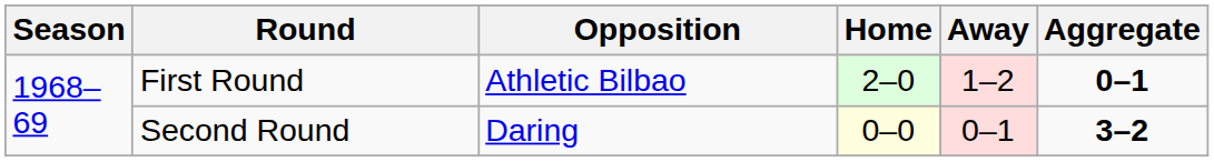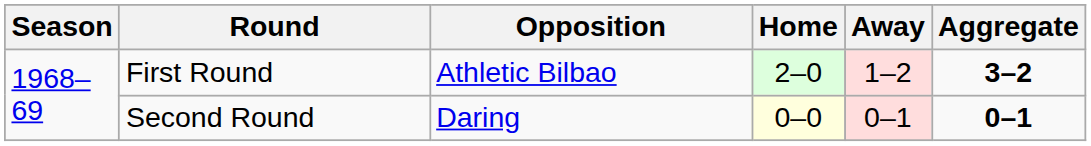 <table class="wikitable">
 <tr>
 <th>Season</th>
 <th width=200>Round</th>
 <th width=200>Opposition</th>
 <th>Home</th>
 <th>Away</th>
 <th>Aggregate</th>
 </tr>
 <tr>
 <td rowspan=2><a href='#'>1968–69</a></td>
 <td>First Round</td>
 <td align=left> <a href='#'>Athletic Bilbao</a></td>
 <td style="text-align:center; background:#dfd;">2–0</td>
 <td style="text-align:center; background:#fdd;">1–2</td>
-<td style="text-align:center;"><strong>0–1</strong></td>
+<td style="text-align:center;"><strong>3–2</strong></td>
 </tr>
 <tr>
 <td>Second Round</td>
 <td align=left> <a href='#'>Daring</a></td>
 <td style="text-align:center; background:#ffd;">0–0</td>
 <td style="text-align:center; background:#fdd;">0–1</td>
-<td style="text-align:center;"><strong>3–2</strong></td>
+<td style="text-align:center;"><strong>0–1</strong></td>
 </tr>
 </table>
